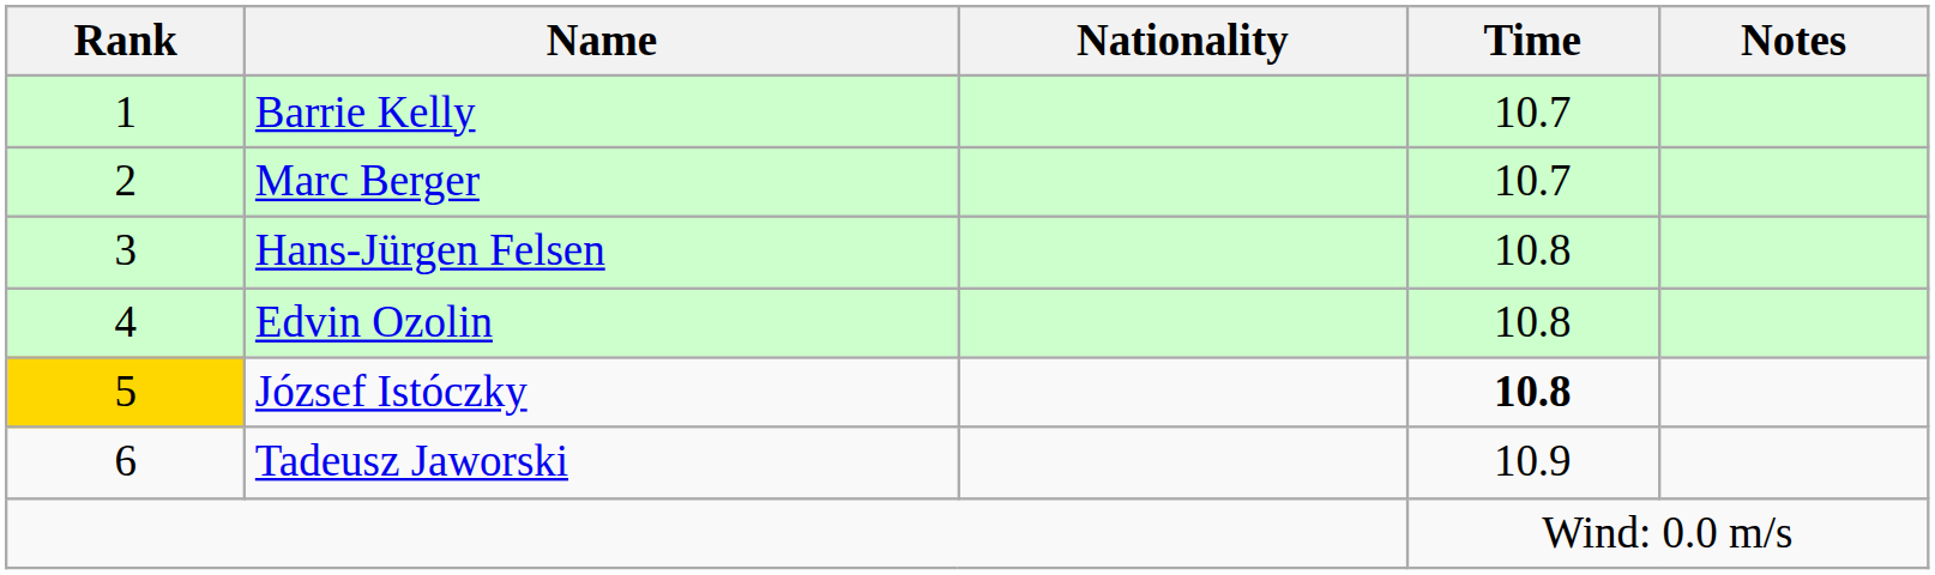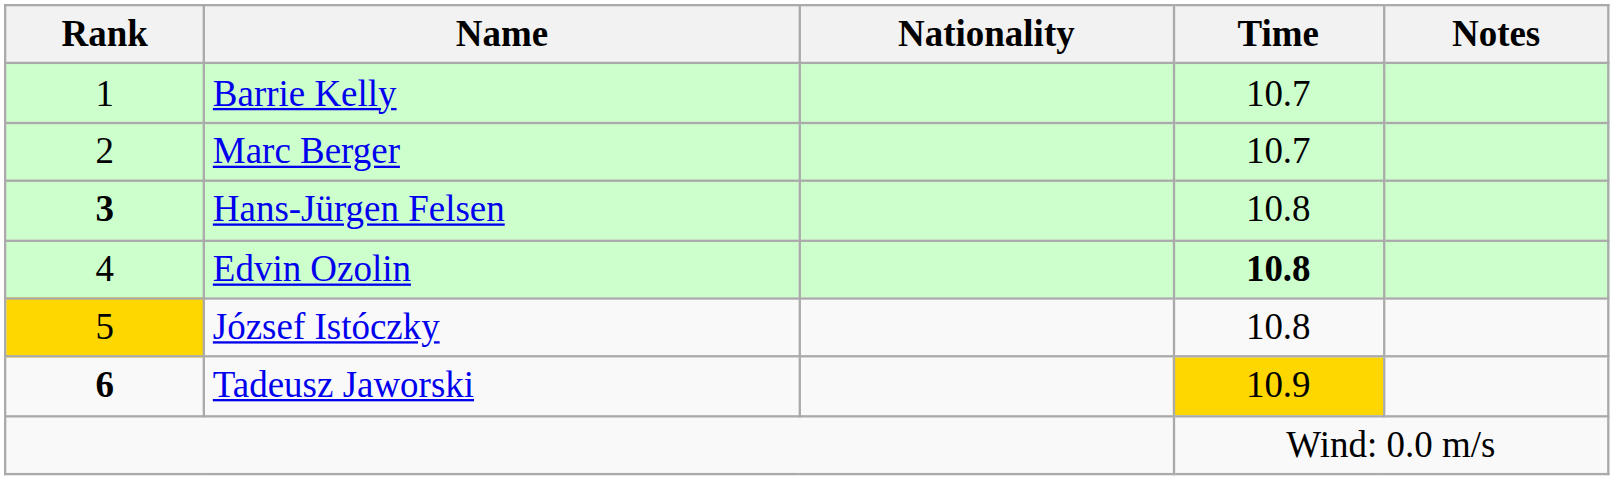 <table class="wikitable sortable" style="text-align:center;width: 55%">
 <tr>
 <th>Rank</th>
 <th>Name</th>
 <th>Nationality</th>
 <th>Time</th>
 <th>Notes</th>
 </tr>
 <tr bgcolor=ccffcc>
 <td>1</td>
 <td align=left><a href='#'>Barrie Kelly</a></td>
 <td align=left></td>
 <td>10.7</td>
 <td></td>
 </tr>
 <tr bgcolor=ccffcc>
 <td>2</td>
 <td align=left><a href='#'>Marc Berger</a></td>
 <td align=left></td>
 <td>10.7</td>
 <td></td>
 </tr>
 <tr bgcolor=ccffcc>
-<td>3</td>
+<td><strong>3</strong></td>
 <td align=left><a href='#'>Hans-Jürgen Felsen</a></td>
 <td align=left></td>
 <td>10.8</td>
 <td></td>
 </tr>
 <tr bgcolor=ccffcc>
 <td>4</td>
 <td align=left><a href='#'>Edvin Ozolin</a></td>
 <td align=left></td>
-<td>10.8</td>
+<td><strong>10.8</strong></td>
 <td></td>
 </tr>
 <tr>
 <td style="background: gold;">5</td>
 <td align=left><a href='#'>József Istóczky</a></td>
 <td align=left></td>
-<td><strong>10.8</strong></td>
+<td>10.8</td>
 <td></td>
 </tr>
 <tr>
-<td>6</td>
+<td><strong>6</strong></td>
 <td align=left><a href='#'>Tadeusz Jaworski</a></td>
 <td align=left></td>
-<td>10.9</td>
+<td style="background: gold;">10.9</td>
 <td></td>
 </tr>
 <tr>
 <td colspan="3"></td>
 <td colspan="2">Wind: 0.0 m/s</td>
 </tr>
 </table>
